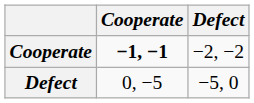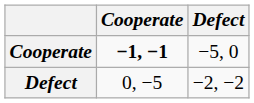 <table class="wikitable" style="float:right; margin-left:1em; text-align:center;">
 <tr>
 <th></th>
 <th><em>Cooperate</em></th>
 <th><em>Defect</em></th>
 </tr>
 <tr>
 <th><em>Cooperate</em></th>
 <td><strong>−1, −1</strong></td>
-<td>−2, −2</td>
+<td>−5, 0</td>
 </tr>
 <tr>
 <th><em>Defect</em></th>
 <td>0, −5</td>
-<td>−5, 0</td>
+<td>−2, −2</td>
 </tr>
 </table>
